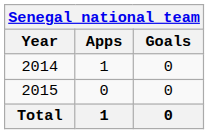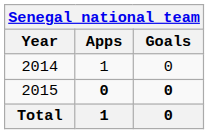 <table class="wikitable" style="text-align:center">
 <tr>
 <th colspan=4><a href='#'>Senegal national team</a></th>
 </tr>
 <tr>
 <th>Year</th>
 <th>Apps</th>
 <th>Goals</th>
 </tr>
 <tr>
 <td>2014</td>
 <td>1</td>
 <td>0</td>
 </tr>
 <tr>
 <td>2015</td>
-<td>0</td>
-<td>0</td>
+<td><strong>0</strong></td>
+<td><strong>0</strong></td>
 </tr>
 <tr>
 <th>Total</th>
 <th>1</th>
 <th>0</th>
 </tr>
 </table>
